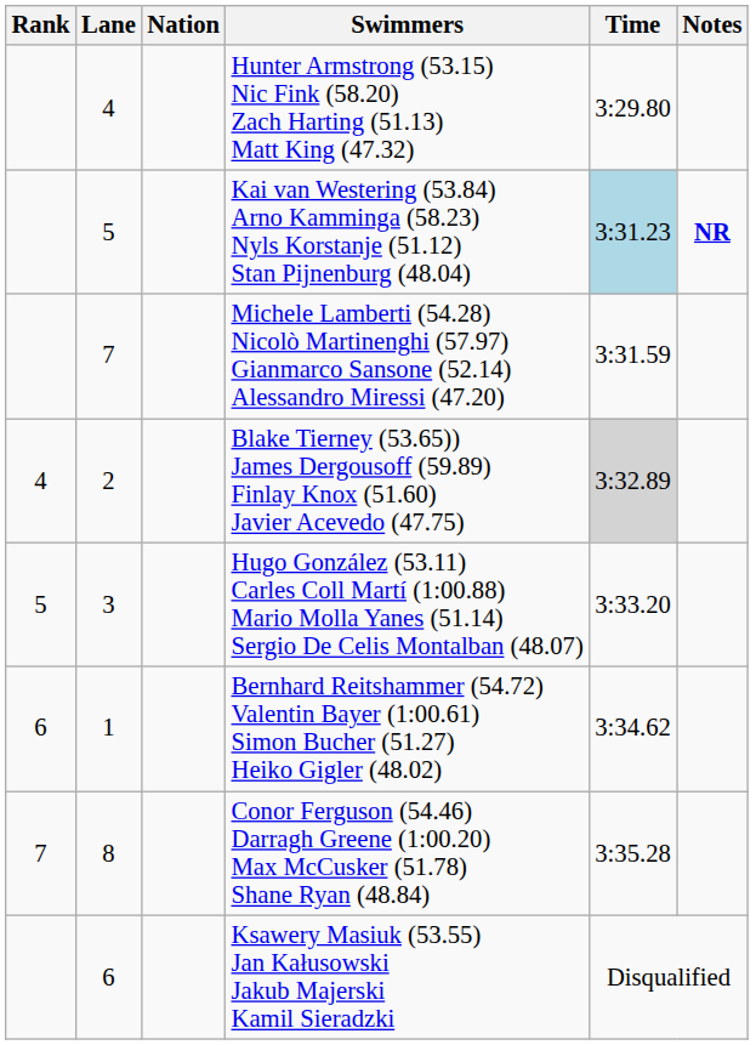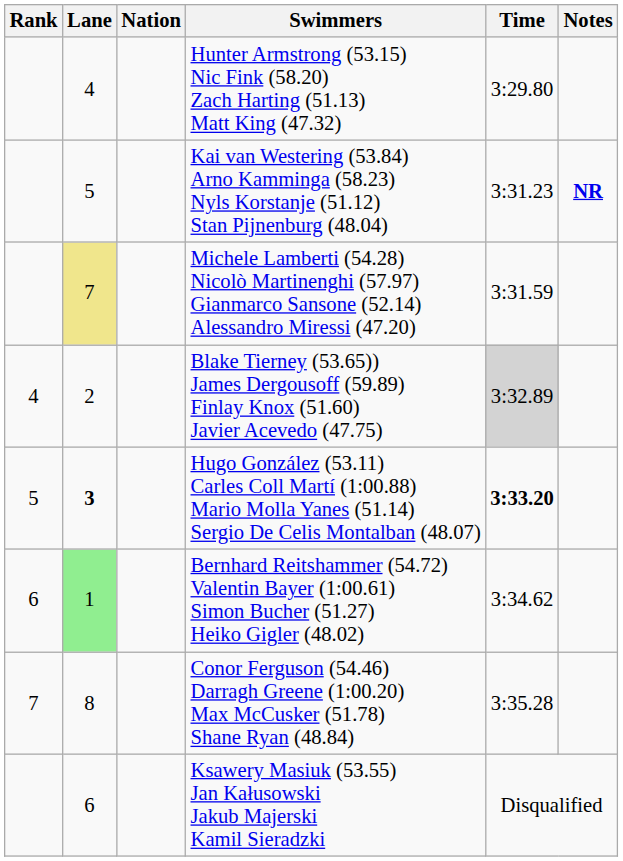 <table class="wikitable sortable" style="text-align:center">
 <tr>
 <th>Rank</th>
 <th>Lane</th>
 <th>Nation</th>
 <th>Swimmers</th>
 <th>Time</th>
 <th>Notes</th>
 </tr>
 <tr>
 <td></td>
 <td>4</td>
 <td align=left></td>
 <td align=left><a href='#'>Hunter Armstrong</a> (53.15)<br><a href='#'>Nic Fink</a> (58.20)<br><a href='#'>Zach Harting</a> (51.13)<br><a href='#'>Matt King</a> (47.32)</td>
 <td>3:29.80</td>
 <td></td>
 </tr>
 <tr>
 <td></td>
 <td>5</td>
 <td align=left></td>
 <td align=left><a href='#'>Kai van Westering</a> (53.84)<br><a href='#'>Arno Kamminga</a> (58.23)<br><a href='#'>Nyls Korstanje</a> (51.12)<br><a href='#'>Stan Pijnenburg</a> (48.04)</td>
-<td style="background: lightblue;">3:31.23</td>
+<td>3:31.23</td>
 <td><strong><a href='#'>NR</a></strong></td>
 </tr>
 <tr>
 <td></td>
-<td>7</td>
+<td style="background: khaki;">7</td>
 <td align=left></td>
 <td align=left><a href='#'>Michele Lamberti</a> (54.28)<br><a href='#'>Nicolò Martinenghi</a> (57.97)<br><a href='#'>Gianmarco Sansone</a> (52.14)<br><a href='#'>Alessandro Miressi</a> (47.20)</td>
 <td>3:31.59</td>
 <td></td>
 </tr>
 <tr>
 <td>4</td>
 <td>2</td>
 <td align=left></td>
 <td align=left><a href='#'>Blake Tierney</a> (53.65))<br><a href='#'>James Dergousoff</a> (59.89)<br><a href='#'>Finlay Knox</a> (51.60)<br><a href='#'>Javier Acevedo</a> (47.75)</td>
 <td style="background: lightgrey;">3:32.89</td>
 <td></td>
 </tr>
 <tr>
 <td>5</td>
-<td>3</td>
+<td><strong>3</strong></td>
 <td align=left></td>
 <td align=left><a href='#'>Hugo González</a> (53.11)<br><a href='#'>Carles Coll Martí</a> (1:00.88)<br><a href='#'>Mario Molla Yanes</a> (51.14)<br><a href='#'>Sergio De Celis Montalban</a> (48.07)</td>
-<td>3:33.20</td>
+<td><strong>3:33.20</strong></td>
 <td></td>
 </tr>
 <tr>
 <td>6</td>
-<td>1</td>
+<td style="background: lightgreen;">1</td>
 <td align=left></td>
 <td align=left><a href='#'>Bernhard Reitshammer</a> (54.72)<br><a href='#'>Valentin Bayer</a> (1:00.61)<br><a href='#'>Simon Bucher</a> (51.27)<br><a href='#'>Heiko Gigler</a> (48.02)</td>
 <td>3:34.62</td>
 <td></td>
 </tr>
 <tr>
 <td>7</td>
 <td>8</td>
 <td align=left></td>
 <td align=left><a href='#'>Conor Ferguson</a> (54.46)<br><a href='#'>Darragh Greene</a> (1:00.20)<br><a href='#'>Max McCusker</a> (51.78)<br><a href='#'>Shane Ryan</a> (48.84)</td>
 <td>3:35.28</td>
 <td></td>
 </tr>
 <tr>
 <td></td>
 <td>6</td>
 <td align=left></td>
 <td align=left><a href='#'>Ksawery Masiuk</a> (53.55)<br><a href='#'>Jan Kałusowski</a><br><a href='#'>Jakub Majerski</a><br><a href='#'>Kamil Sieradzki</a></td>
 <td colspan=2>Disqualified</td>
 </tr>
 </table>
